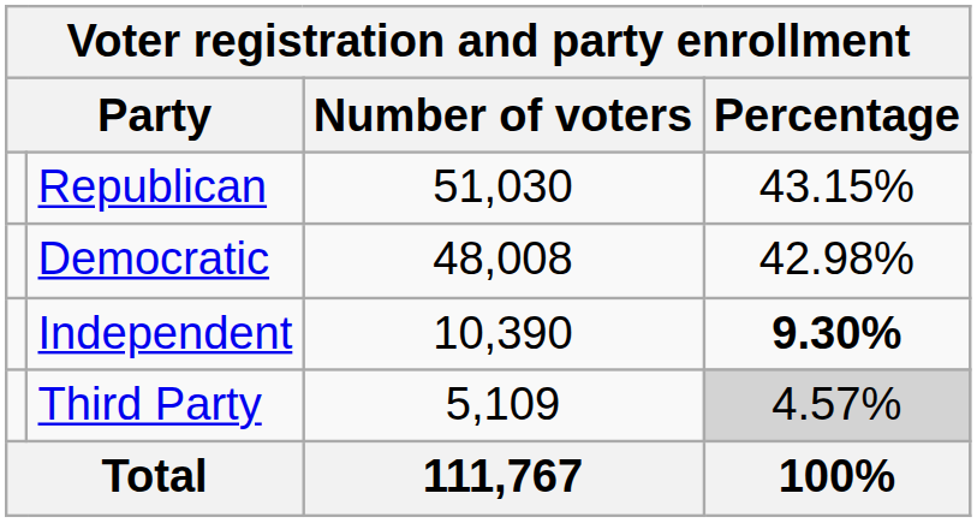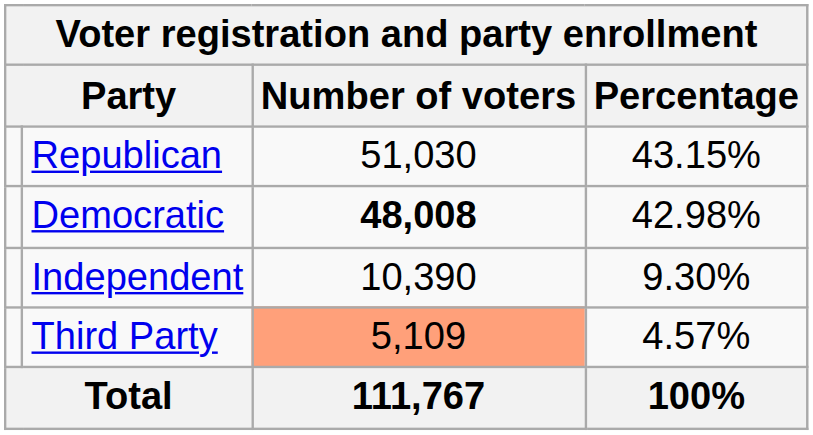 <table class="wikitable float">
 <tr>
 <th colspan = 6>Voter registration and party enrollment</th>
 </tr>
 <tr>
 <th colspan = 2>Party</th>
 <th>Number of voters</th>
 <th>Percentage</th>
 </tr>
 <tr>
 <td></td>
 <td><a href='#'>Republican</a></td>
 <td style="text-align:center;">51,030</td>
 <td style="text-align:center;">43.15%</td>
 </tr>
 <tr>
 <td></td>
 <td><a href='#'>Democratic</a></td>
-<td style="text-align:center;">48,008</td>
+<td style="text-align:center;"><strong>48,008</strong></td>
 <td style="text-align:center;">42.98%</td>
 </tr>
 <tr>
 <td></td>
 <td><a href='#'>Independent</a></td>
 <td style="text-align:center;">10,390</td>
-<td style="text-align:center;"><strong>9.30%</strong></td>
+<td style="text-align:center;">9.30%</td>
 </tr>
 <tr>
 <td></td>
 <td><a href='#'>Third Party</a></td>
-<td style="text-align:center;">5,109</td>
-<td style="background: lightgrey; text-align:center;">4.57%</td>
+<td style="background: lightsalmon; text-align:center;">5,109</td>
+<td style="text-align:center;">4.57%</td>
 </tr>
 <tr>
 <th colspan="2">Total</th>
 <th style="text-align:center;">111,767</th>
 <th style="text-align:center;">100%</th>
 </tr>
 </table>
